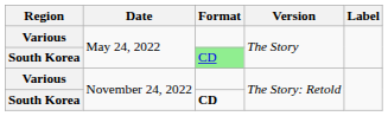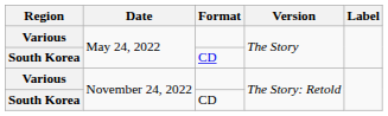 <table class="wikitable plainrowheaders">
 <tr>
 <th>Region</th>
 <th>Date</th>
 <th>Format</th>
 <th>Version</th>
 <th>Label</th>
 </tr>
 <tr>
 <th scope="row">Various</th>
 <td rowspan="2">May 24, 2022</td>
 <td></td>
 <td rowspan="2"><em>The Story</em></td>
 <td rowspan="2"></td>
 </tr>
 <tr>
 <th scope="row">South Korea</th>
-<td style="background: lightgreen;"><a href='#'>CD</a></td>
+<td><a href='#'>CD</a></td>
 </tr>
 <tr>
 <th scope="row">Various</th>
 <td rowspan="2">November 24, 2022</td>
 <td></td>
 <td rowspan="2"><em>The Story: Retold</em></td>
 <td rowspan="2"></td>
 </tr>
 <tr>
 <th scope="row">South Korea</th>
-<td><strong>CD</strong></td>
+<td>CD</td>
 </tr>
 </table>
